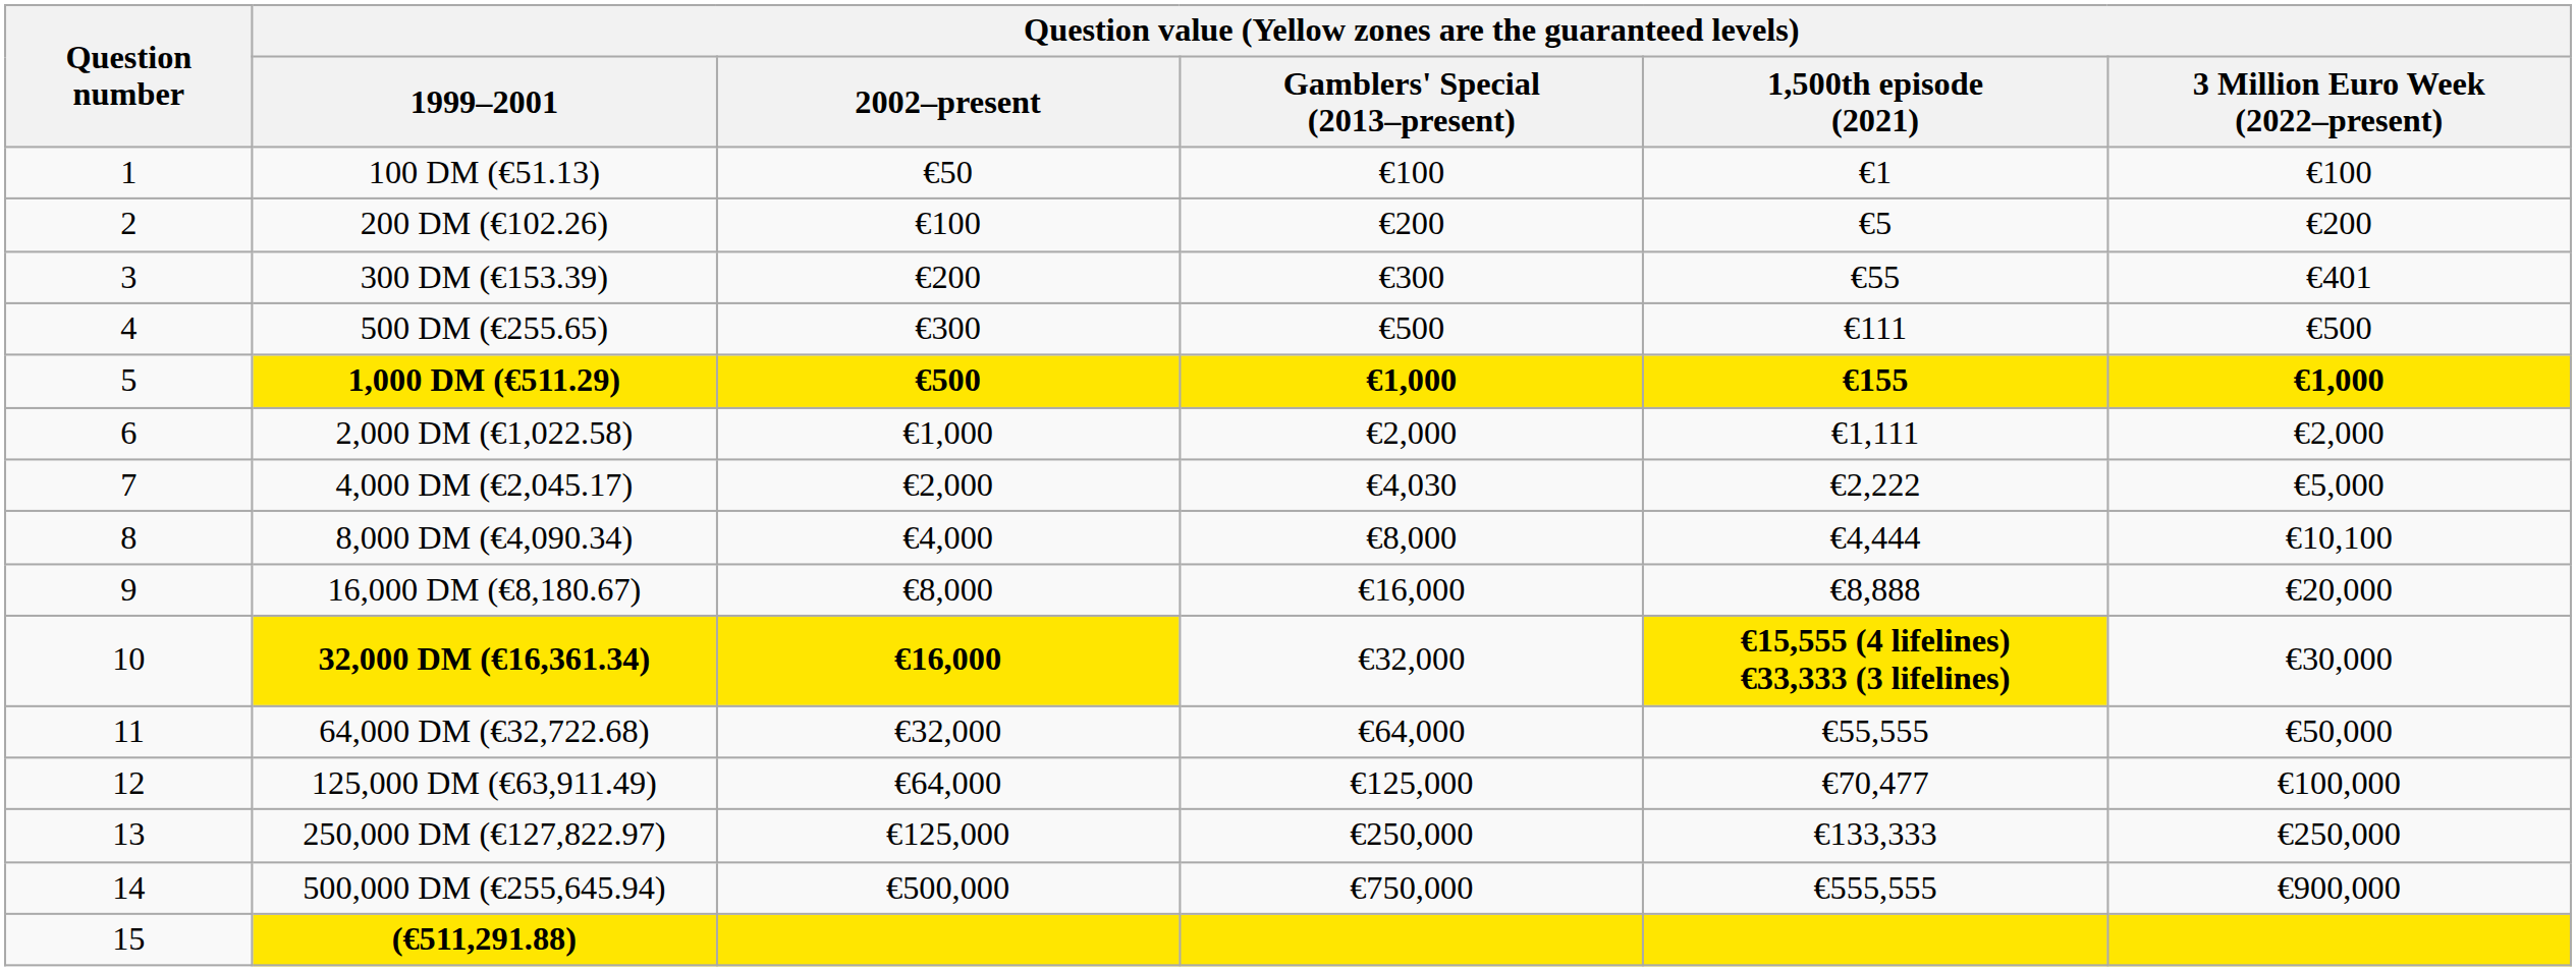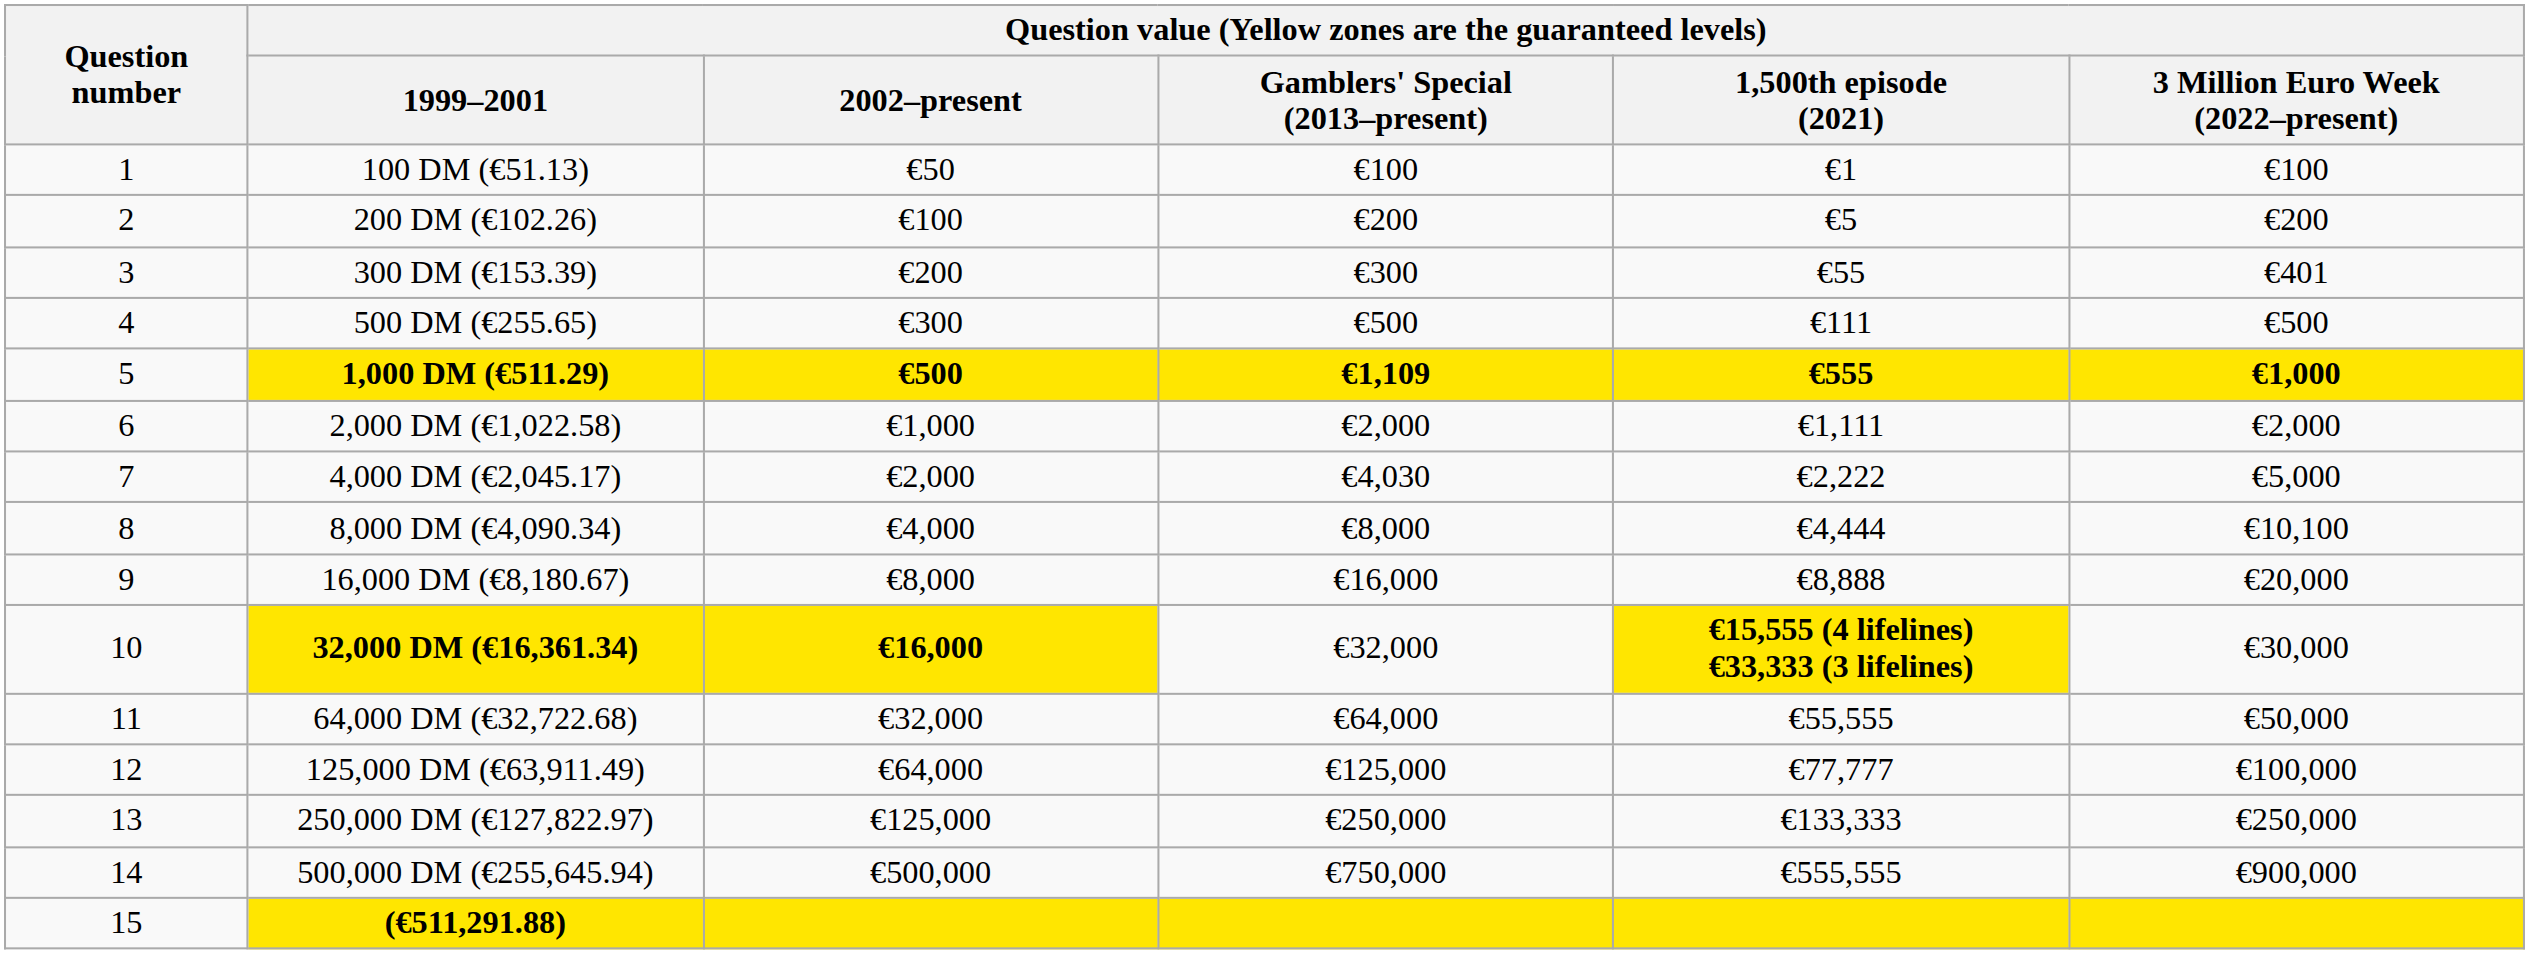 <table class="wikitable" style="text-align:center; border:1px; cellpadding:2; cellspacing:0;">
 <tr>
 <th rowspan="2" style="width: 8%">Question number</th>
 <th colspan="5">Question value (Yellow zones are the guaranteed levels)</th>
 </tr>
 <tr>
 <th style="width: 15%">1999–2001</th>
 <th style="width: 15%">2002–present</th>
 <th style="width: 15%">Gamblers' Special<br>(2013–present)</th>
 <th style="width: 15%">1,500th episode<br>(2021)</th>
 <th style="width: 15%">3 Million Euro Week<br>(2022–present)</th>
 </tr>
 <tr>
 <td>1</td>
 <td><span>100 DM (€51.13)</span></td>
 <td><span>€50</span></td>
 <td><span>€100</span></td>
 <td><span>€1</span></td>
 <td><span>€100</span></td>
 </tr>
 <tr>
 <td>2</td>
 <td><span>200 DM (€102.26)</span></td>
 <td><span>€100</span></td>
 <td><span>€200</span></td>
 <td><span>€5</span></td>
 <td><span>€200</span></td>
 </tr>
 <tr>
 <td>3</td>
 <td><span>300 DM (€153.39)</span></td>
 <td><span>€200</span></td>
 <td><span>€300</span></td>
 <td><span>€55</span></td>
 <td><span>€401</span></td>
 </tr>
 <tr>
 <td>4</td>
 <td><span>500 DM (€255.65)</span></td>
 <td><span>€300</span></td>
 <td><span>€500</span></td>
 <td><span>€111</span></td>
 <td><span>€500</span></td>
 </tr>
 <tr>
 <td>5</td>
 <td style="background: #FFE600"><span><strong>1,000 DM (€511.29)</strong></span></td>
 <td style="background: #FFE600"><span><strong>€500</strong></span></td>
-<td style="background: #FFE600"><span><strong>€1,000</strong></span></td>
-<td style="background: #FFE600"><span><strong>€155</strong></span></td>
+<td style="background: #FFE600"><span><strong>€1,109</strong></span></td>
+<td style="background: #FFE600"><span><strong>€555</strong></span></td>
 <td style="background: #FFE600"><span><strong>€1,000</strong></span></td>
 </tr>
 <tr>
 <td>6</td>
 <td><span>2,000 DM (€1,022.58)</span></td>
 <td><span>€1,000</span></td>
 <td><span>€2,000</span></td>
 <td><span>€1,111</span></td>
 <td><span>€2,000</span></td>
 </tr>
 <tr>
 <td>7</td>
 <td><span>4,000 DM (€2,045.17)</span></td>
 <td><span>€2,000</span></td>
 <td><span>€4,030</span></td>
 <td><span>€2,222</span></td>
 <td><span>€5,000</span></td>
 </tr>
 <tr>
 <td>8</td>
 <td><span>8,000 DM (€4,090.34)</span></td>
 <td><span>€4,000</span></td>
 <td><span>€8,000</span></td>
 <td><span>€4,444</span></td>
 <td><span>€10,100</span></td>
 </tr>
 <tr>
 <td>9</td>
 <td><span>16,000 DM (€8,180.67)</span></td>
 <td><span>€8,000</span></td>
 <td><span>€16,000</span></td>
 <td><span>€8,888</span></td>
 <td><span>€20,000</span></td>
 </tr>
 <tr>
 <td>10</td>
 <td style="background: #FFE600"><span><strong>32,000 DM (€16,361.34)</strong></span></td>
 <td style="background: #FFE600"><span><strong>€16,000</strong></span></td>
 <td><span>€32,000</span></td>
 <td style="background: #FFE600"><span><strong>€15,555 (4 lifelines)<br>€33,333 (3 lifelines)</strong></span></td>
 <td><span>€30,000</span></td>
 </tr>
 <tr>
 <td>11</td>
 <td><span>64,000 DM (€32,722.68)</span></td>
 <td><span>€32,000</span></td>
 <td><span>€64,000</span></td>
 <td><span>€55,555</span></td>
 <td><span>€50,000</span></td>
 </tr>
 <tr>
 <td>12</td>
 <td><span>125,000 DM (€63,911.49)</span></td>
 <td><span>€64,000</span></td>
 <td><span>€125,000</span></td>
-<td><span>€70,477</span></td>
+<td><span>€77,777</span></td>
 <td><span>€100,000</span></td>
 </tr>
 <tr>
 <td>13</td>
 <td><span>250,000 DM (€127,822.97)</span></td>
 <td><span>€125,000</span></td>
 <td><span>€250,000</span></td>
 <td><span>€133,333</span></td>
 <td><span>€250,000</span></td>
 </tr>
 <tr>
 <td>14</td>
 <td><span>500,000 DM (€255,645.94)</span></td>
 <td><span>€500,000</span></td>
 <td><span>€750,000</span></td>
 <td><span>€555,555</span></td>
 <td><span>€900,000</span></td>
 </tr>
 <tr>
 <td>15</td>
 <td style="background: #FFE600"><span><strong> (€511,291.88)</strong></span></td>
 <td style="background: #FFE600"><span><strong></strong></span></td>
 <td style="background: #FFE600"><span><strong></strong></span></td>
 <td style="background: #FFE600"><span><strong></strong></span></td>
 <td style="background: #FFE600"><span><strong></strong></span></td>
 </tr>
 </table>
